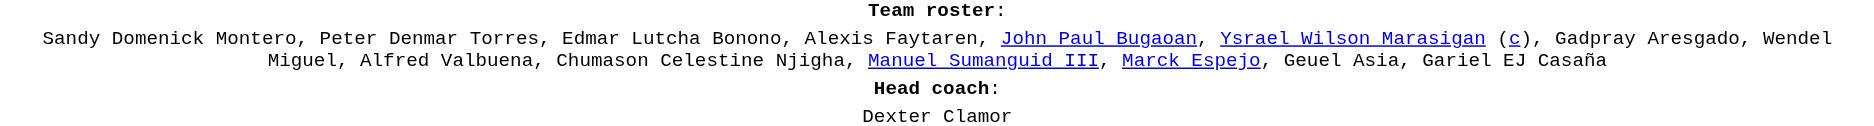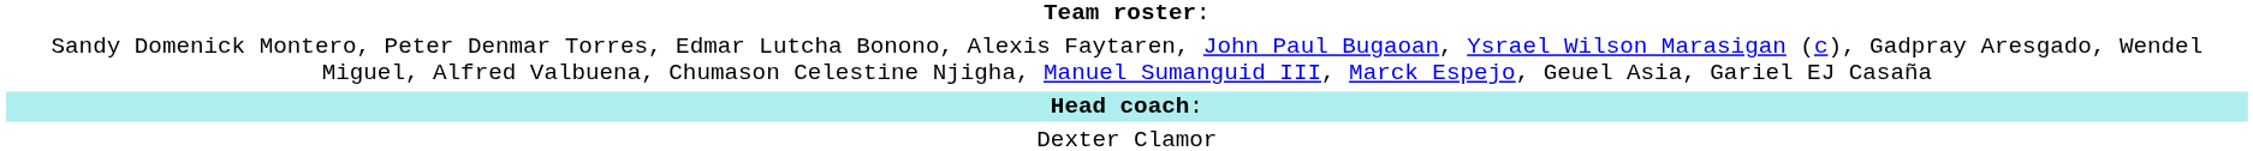 <table style="text-align:center; margin-top:2em; margin-left:auto; margin-right:auto">
 <tr>
 <td><strong>Team roster</strong>:</td>
 </tr>
 <tr>
 <td>Sandy Domenick Montero, Peter Denmar Torres, Edmar Lutcha Bonono, Alexis Faytaren, <a href='#'>John Paul Bugaoan</a>, <a href='#'>Ysrael Wilson Marasigan</a> (<a href='#'>c</a>), Gadpray Aresgado, Wendel Miguel, Alfred Valbuena, Chumason Celestine Njigha, <a href='#'>Manuel Sumanguid III</a>, <a href='#'>Marck Espejo</a>, Geuel Asia, Gariel EJ Casaña</td>
 </tr>
 <tr>
-<td><strong>Head coach</strong>:</td>
+<td style="background: paleturquoise;"><strong>Head coach</strong>:</td>
 </tr>
 <tr>
 <td>Dexter Clamor</td>
 </tr>
 </table>
